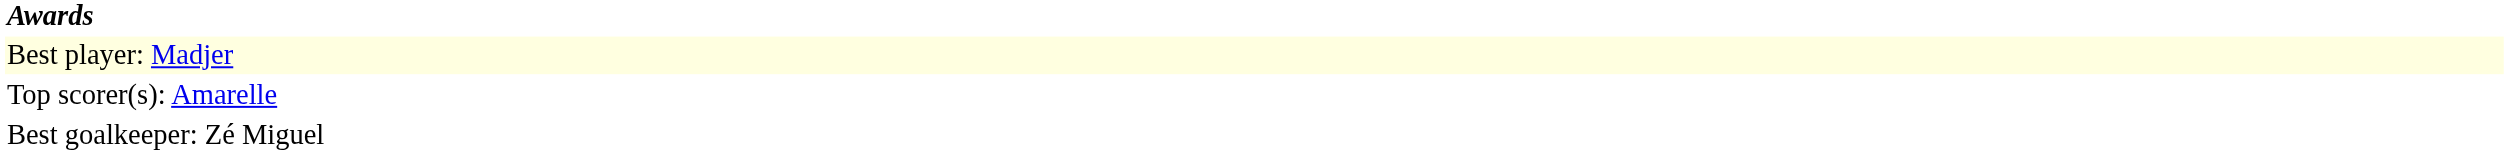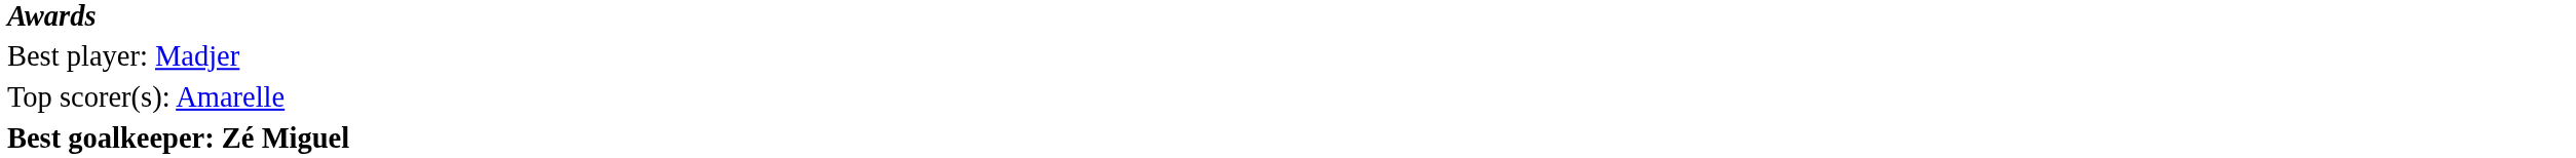 <table width=100% cellspacing=1 style="font-size: 90%;">
 <tr>
 <td><strong><em>Awards</em></strong></td>
 </tr>
 <tr>
-<td style="background: lightyellow;">Best player:  <a href='#'>Madjer</a></td>
+<td>Best player:  <a href='#'>Madjer</a></td>
 </tr>
 <tr>
 <td colspan=4>Top scorer(s):  <a href='#'>Amarelle</a></td>
 </tr>
 <tr>
-<td>Best goalkeeper:  Zé Miguel</td>
+<td><strong>Best goalkeeper:  Zé Miguel</strong></td>
 </tr>
 </table>
